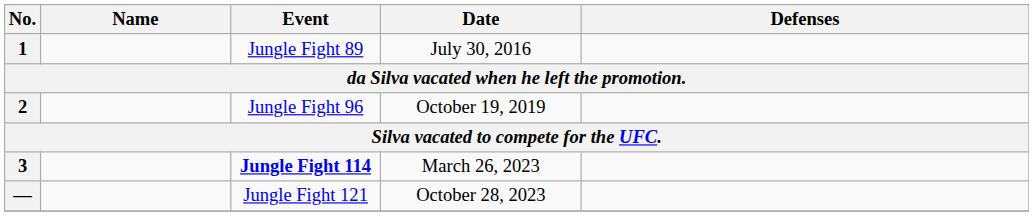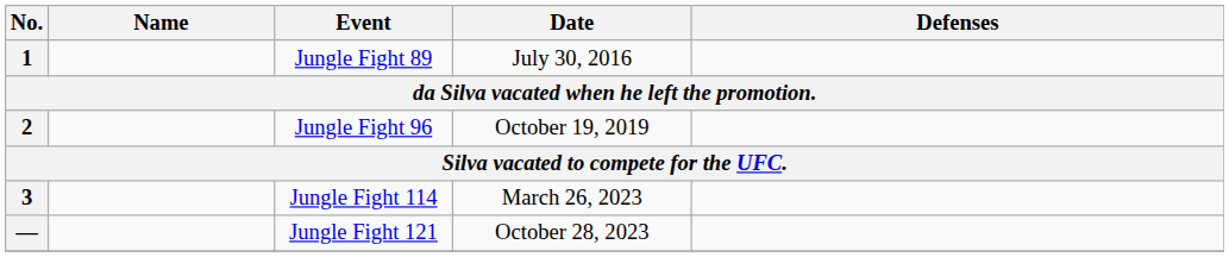 <table class="wikitable" width=100%>
 <tr>
 <th width=1%>No.</th>
 <th width=19%>Name</th>
 <th width=15%>Event</th>
 <th width=20%>Date</th>
 <th width=45%>Defenses</th>
 </tr>
 <tr>
 <th>1</th>
 <td align=left><br></td>
 <td align=center><a href='#'>Jungle Fight 89</a> <br></td>
 <td align=center>July 30, 2016</td>
 <td></td>
 </tr>
 <tr>
 <th colspan=6 align=center><em>da Silva vacated when he left the promotion.</em></th>
 </tr>
 <tr>
 <th>2</th>
 <td align=left><br></td>
 <td align=center><a href='#'>Jungle Fight 96</a> <br></td>
 <td align=center>October 19, 2019</td>
 <td></td>
 </tr>
 <tr>
 <th colspan=6 align=center><em>Silva vacated to compete for the <a href='#'>UFC</a>.</em></th>
 </tr>
 <tr>
 <th>3</th>
 <td align=left><br></td>
-<td align=center><strong><a href='#'>Jungle Fight 114</a> <br></strong></td>
+<td align=center><a href='#'>Jungle Fight 114</a> <br></td>
 <td align=center>March 26, 2023</td>
 <td> </td>
 </tr>
 <tr>
 <th>—</th>
 <td align=left><br></td>
 <td align=center><a href='#'>Jungle Fight 121</a> <br></td>
 <td align=center>October 28, 2023</td>
 <td></td>
 </tr>
 <tr>
 </tr>
 </table>
